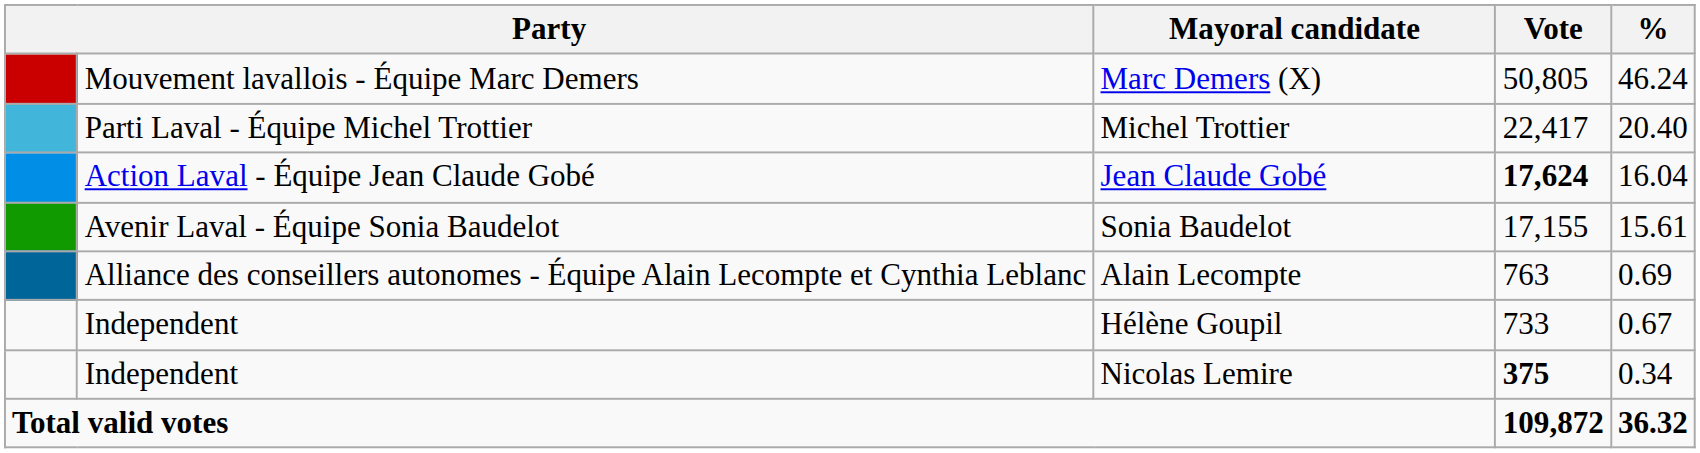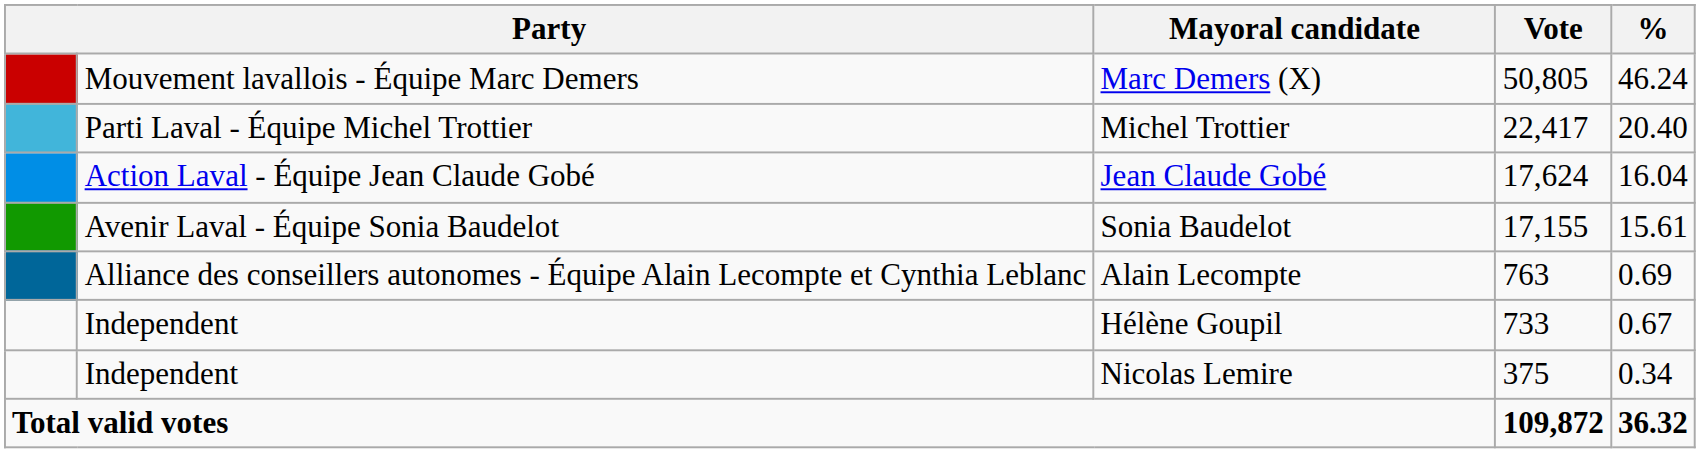 <table class="wikitable">
 <tr>
 <th bgcolor="#DDDDFF" width="230px" colspan="2">Party</th>
 <th bgcolor="#DDDDFF" width="200px">Mayoral candidate</th>
 <th bgcolor="#DDDDFF" width="50px">Vote</th>
 <th bgcolor="#DDDDFF" width="30px">%</th>
 </tr>
 <tr>
 <td bgcolor=#CA0000> </td>
 <td>Mouvement lavallois - Équipe Marc Demers</td>
 <td><a href='#'>Marc Demers</a> (X)</td>
 <td>50,805</td>
 <td>46.24</td>
 </tr>
 <tr>
 <td bgcolor=#41B5DA> </td>
 <td>Parti Laval - Équipe Michel Trottier</td>
 <td>Michel Trottier</td>
 <td>22,417</td>
 <td>20.40</td>
 </tr>
 <tr>
 <td bgcolor=#008EE6> </td>
 <td><a href='#'>Action Laval</a> - Équipe Jean Claude Gobé</td>
 <td><a href='#'>Jean Claude Gobé</a></td>
-<td><strong>17,624</strong></td>
+<td>17,624</td>
 <td>16.04</td>
 </tr>
 <tr>
 <td bgcolor=#119900  width="30px"> </td>
 <td>Avenir Laval - Équipe Sonia Baudelot</td>
 <td>Sonia Baudelot</td>
 <td>17,155</td>
 <td>15.61</td>
 </tr>
 <tr>
 <td bgcolor=#006699> </td>
 <td>Alliance des conseillers autonomes - Équipe Alain Lecompte et Cynthia Leblanc</td>
 <td>Alain Lecompte</td>
 <td>763</td>
 <td>0.69</td>
 </tr>
 <tr>
 <td> </td>
 <td>Independent</td>
 <td>Hélène Goupil</td>
 <td>733</td>
 <td>0.67</td>
 </tr>
 <tr>
 <td> </td>
 <td>Independent</td>
 <td>Nicolas Lemire</td>
-<td><strong>375</strong></td>
+<td>375</td>
 <td>0.34</td>
 </tr>
 <tr>
 <td colspan="3"><strong>Total valid votes</strong></td>
 <td><strong>109,872</strong></td>
 <td><strong>36.32</strong></td>
 </tr>
 </table>
